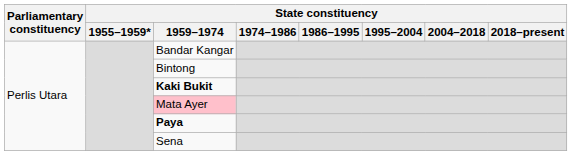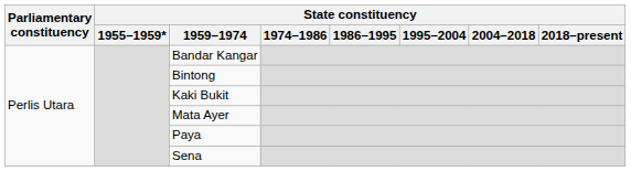 <table class="wikitable">
 <tr>
 <th rowspan="2">Parliamentary<br>constituency</th>
 <th colspan="7">State constituency</th>
 </tr>
 <tr>
 <th>1955–1959*</th>
 <th>1959–1974</th>
 <th>1974–1986</th>
 <th>1986–1995</th>
 <th>1995–2004</th>
 <th>2004–2018</th>
 <th>2018–present</th>
 </tr>
 <tr>
 <td rowspan="6">Perlis Utara</td>
 <td rowspan="6" bgcolor="dcdcdc"></td>
 <td>Bandar Kangar</td>
 <td colspan="5" bgcolor="dcdcdc"></td>
 </tr>
 <tr>
 <td>Bintong</td>
 <td colspan="5" bgcolor="dcdcdc"></td>
 </tr>
 <tr>
-<td><strong>Kaki Bukit</strong></td>
+<td>Kaki Bukit</td>
 <td colspan="5" bgcolor="dcdcdc"></td>
 </tr>
 <tr>
-<td style="background: pink;">Mata Ayer</td>
+<td>Mata Ayer</td>
 <td colspan="5" bgcolor="dcdcdc"></td>
 </tr>
 <tr>
-<td><strong>Paya</strong></td>
+<td>Paya</td>
 <td colspan="5" bgcolor="dcdcdc"></td>
 </tr>
 <tr>
 <td>Sena</td>
 <td colspan="5" bgcolor="dcdcdc"></td>
 </tr>
 </table>
